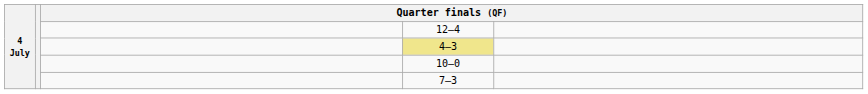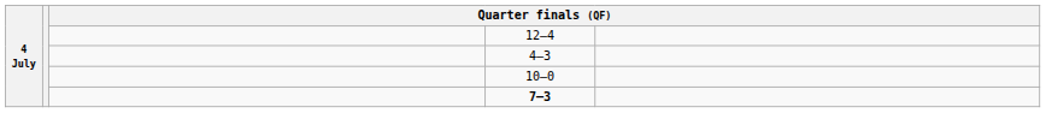 <table class="wikitable" style="font-size: 90%;">
 <tr>
 <th rowspan="5" width=30><small>4<br>July</small></th>
 <th rowspan="5" width=1></th>
 <th colspan="3">Quarter finals <small>(QF)</small></th>
 </tr>
 <tr>
 <td align="right" width=415></td>
 <td align="center" width=100>12–4</td>
 <td width=424></td>
 </tr>
 <tr>
 <td align="right"></td>
-<td align="center" style="background: khaki;">4–3</td>
+<td align="center">4–3</td>
 <td></td>
 </tr>
 <tr>
 <td align="right"></td>
 <td align="center">10–0</td>
 <td></td>
 </tr>
 <tr>
 <td align="right"></td>
-<td align="center">7–3</td>
+<td align="center"><strong>7–3</strong></td>
 <td></td>
 </tr>
 </table>
